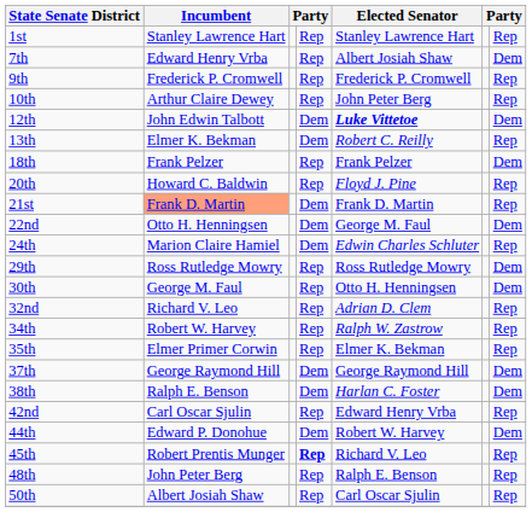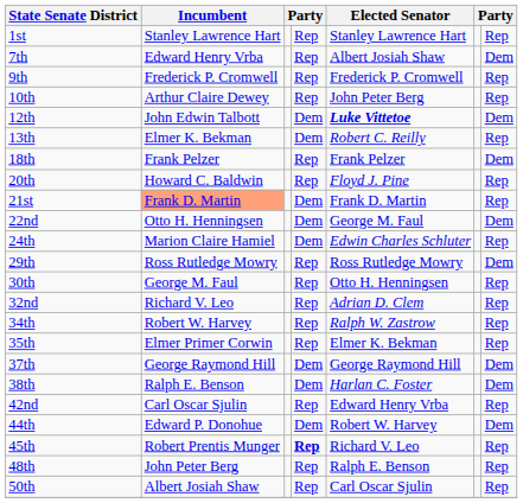 <table class="sortable wikitable" style="font-size:95%;line-height:14px;">
 <tr>
 <th class="unsortable"><a href='#'>State Senate</a> District</th>
 <th class="unsortable"><a href='#'>Incumbent</a></th>
 <th colspan="2">Party</th>
 <th class="unsortable">Elected Senator</th>
 <th colspan="2">Party</th>
 </tr>
 <tr>
 <td><a href='#'>1st</a></td>
 <td><a href='#'>Stanley Lawrence Hart</a></td>
 <td style="background:"></td>
 <td><a href='#'>Rep</a></td>
 <td><a href='#'>Stanley Lawrence Hart</a></td>
 <td style="background:"></td>
 <td><a href='#'>Rep</a></td>
 </tr>
 <tr>
 <td><a href='#'>7th</a></td>
 <td><a href='#'>Edward Henry Vrba</a></td>
 <td style="background:"></td>
 <td><a href='#'>Rep</a></td>
 <td><a href='#'>Albert Josiah Shaw</a></td>
 <td style="background:"></td>
 <td><a href='#'>Dem</a></td>
 </tr>
 <tr>
 <td><a href='#'>9th</a></td>
 <td><a href='#'>Frederick P. Cromwell</a></td>
 <td style="background:"></td>
 <td><a href='#'>Rep</a></td>
 <td><a href='#'>Frederick P. Cromwell</a></td>
 <td style="background:"></td>
 <td><a href='#'>Rep</a></td>
 </tr>
 <tr>
 <td><a href='#'>10th</a></td>
 <td><a href='#'>Arthur Claire Dewey</a></td>
 <td style="background:"></td>
 <td><a href='#'>Rep</a></td>
 <td><a href='#'>John Peter Berg</a></td>
 <td style="background:"></td>
 <td><a href='#'>Rep</a></td>
 </tr>
 <tr>
 <td><a href='#'>12th</a></td>
 <td><a href='#'>John Edwin Talbott</a></td>
 <td style="background:"></td>
 <td><a href='#'>Dem</a></td>
 <td><strong><em><a href='#'>Luke Vittetoe</a></em></strong></td>
 <td style="background:"></td>
 <td><a href='#'>Dem</a></td>
 </tr>
 <tr>
 <td><a href='#'>13th</a></td>
 <td><a href='#'>Elmer K. Bekman</a></td>
 <td style="background:"></td>
 <td><a href='#'>Dem</a></td>
 <td><em><a href='#'>Robert C. Reilly</a></em></td>
 <td style="background:"></td>
 <td><a href='#'>Rep</a></td>
 </tr>
 <tr>
 <td><a href='#'>18th</a></td>
 <td><a href='#'>Frank Pelzer</a></td>
 <td style="background:"></td>
 <td><a href='#'>Rep</a></td>
 <td><a href='#'>Frank Pelzer</a></td>
 <td style="background:"></td>
 <td><a href='#'>Dem</a></td>
 </tr>
 <tr>
 <td><a href='#'>20th</a></td>
 <td><a href='#'>Howard C. Baldwin</a></td>
 <td style="background:"></td>
 <td><a href='#'>Rep</a></td>
 <td><em><a href='#'>Floyd J. Pine</a></em></td>
 <td style="background:"></td>
 <td><a href='#'>Rep</a></td>
 </tr>
 <tr>
 <td><a href='#'>21st</a></td>
 <td style="background: lightsalmon;"><a href='#'>Frank D. Martin</a></td>
 <td style="background:"></td>
 <td><a href='#'>Dem</a></td>
 <td><a href='#'>Frank D. Martin</a></td>
 <td style="background:"></td>
 <td><a href='#'>Rep</a></td>
 </tr>
 <tr>
 <td><a href='#'>22nd</a></td>
 <td><a href='#'>Otto H. Henningsen</a></td>
 <td style="background:"></td>
 <td><a href='#'>Dem</a></td>
 <td><a href='#'>George M. Faul</a></td>
 <td style="background:"></td>
 <td><a href='#'>Dem</a></td>
 </tr>
 <tr>
 <td><a href='#'>24th</a></td>
 <td><a href='#'>Marion Claire Hamiel</a></td>
 <td style="background:"></td>
 <td><a href='#'>Dem</a></td>
 <td><em><a href='#'>Edwin Charles Schluter</a></em></td>
 <td style="background:"></td>
 <td><a href='#'>Rep</a></td>
 </tr>
 <tr>
 <td><a href='#'>29th</a></td>
 <td><a href='#'>Ross Rutledge Mowry</a></td>
 <td style="background:"></td>
 <td><a href='#'>Rep</a></td>
 <td><a href='#'>Ross Rutledge Mowry</a></td>
 <td style="background:"></td>
 <td><a href='#'>Dem</a></td>
 </tr>
 <tr>
 <td><a href='#'>30th</a></td>
 <td><a href='#'>George M. Faul</a></td>
 <td style="background:"></td>
 <td><a href='#'>Rep</a></td>
 <td><a href='#'>Otto H. Henningsen</a></td>
 <td style="background:"></td>
-<td><a href='#'>Dem</a></td>
+<td><a href='#'>Rep</a></td>
 </tr>
 <tr>
 <td><a href='#'>32nd</a></td>
 <td><a href='#'>Richard V. Leo</a></td>
 <td style="background:"></td>
 <td><a href='#'>Rep</a></td>
 <td><em><a href='#'>Adrian D. Clem</a></em></td>
 <td style="background:"></td>
 <td><a href='#'>Rep</a></td>
 </tr>
 <tr>
 <td><a href='#'>34th</a></td>
 <td><a href='#'>Robert W. Harvey</a></td>
 <td style="background:"></td>
 <td><a href='#'>Rep</a></td>
 <td><em><a href='#'>Ralph W. Zastrow</a></em></td>
 <td style="background:"></td>
 <td><a href='#'>Rep</a></td>
 </tr>
 <tr>
 <td><a href='#'>35th</a></td>
 <td><a href='#'>Elmer Primer Corwin</a></td>
 <td style="background:"></td>
 <td><a href='#'>Rep</a></td>
 <td><a href='#'>Elmer K. Bekman</a></td>
 <td style="background:"></td>
 <td><a href='#'>Rep</a></td>
 </tr>
 <tr>
 <td><a href='#'>37th</a></td>
 <td><a href='#'>George Raymond Hill</a></td>
 <td style="background:"></td>
 <td><a href='#'>Dem</a></td>
 <td><a href='#'>George Raymond Hill</a></td>
 <td style="background:"></td>
 <td><a href='#'>Dem</a></td>
 </tr>
 <tr>
 <td><a href='#'>38th</a></td>
 <td><a href='#'>Ralph E. Benson</a></td>
 <td style="background:"></td>
 <td><a href='#'>Dem</a></td>
 <td><em><a href='#'>Harlan C. Foster</a></em></td>
 <td style="background:"></td>
 <td><a href='#'>Dem</a></td>
 </tr>
 <tr>
 <td><a href='#'>42nd</a></td>
 <td><a href='#'>Carl Oscar Sjulin</a></td>
 <td style="background:"></td>
 <td><a href='#'>Rep</a></td>
 <td><a href='#'>Edward Henry Vrba</a></td>
 <td style="background:"></td>
 <td><a href='#'>Rep</a></td>
 </tr>
 <tr>
 <td><a href='#'>44th</a></td>
 <td><a href='#'>Edward P. Donohue</a></td>
 <td style="background:"></td>
 <td><a href='#'>Dem</a></td>
 <td><a href='#'>Robert W. Harvey</a></td>
 <td style="background:"></td>
 <td><a href='#'>Dem</a></td>
 </tr>
 <tr>
 <td><a href='#'>45th</a></td>
 <td><a href='#'>Robert Prentis Munger</a></td>
 <td style="background:"></td>
 <td><strong><a href='#'>Rep</a></strong></td>
 <td><a href='#'>Richard V. Leo</a></td>
 <td style="background:"></td>
 <td><a href='#'>Rep</a></td>
 </tr>
 <tr>
 <td><a href='#'>48th</a></td>
 <td><a href='#'>John Peter Berg</a></td>
 <td style="background:"></td>
 <td><a href='#'>Rep</a></td>
 <td><a href='#'>Ralph E. Benson</a></td>
 <td style="background:"></td>
 <td><a href='#'>Rep</a></td>
 </tr>
 <tr>
 <td><a href='#'>50th</a></td>
 <td><a href='#'>Albert Josiah Shaw</a></td>
 <td style="background:"></td>
 <td><a href='#'>Rep</a></td>
 <td><a href='#'>Carl Oscar Sjulin</a></td>
 <td style="background:"></td>
 <td><a href='#'>Rep</a></td>
 </tr>
 <tr>
 </tr>
 </table>
